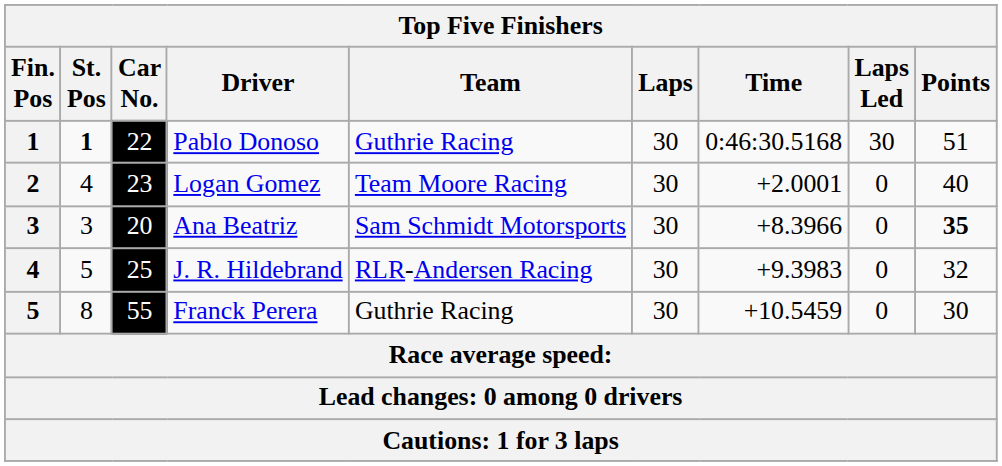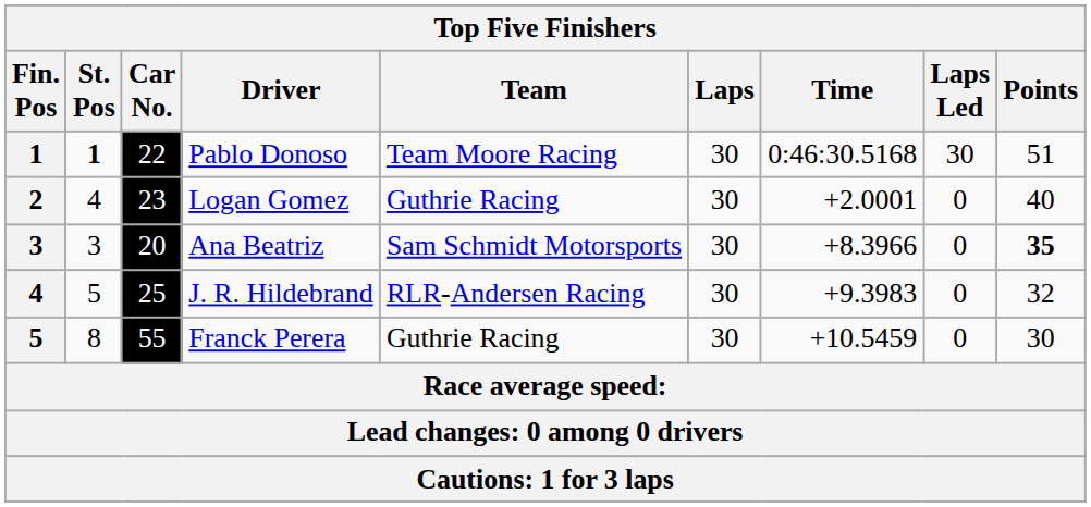 <table class="wikitable" style="font-size:85%;">
 <tr>
 <th colspan=9>Top Five Finishers</th>
 </tr>
 <tr>
 <th>Fin.<br>Pos</th>
 <th>St.<br>Pos</th>
 <th>Car<br>No.</th>
 <th>Driver</th>
 <th>Team</th>
 <th>Laps</th>
 <th>Time</th>
 <th>Laps<br>Led</th>
 <th>Points</th>
 </tr>
 <tr>
 <th>1</th>
 <td align=center><strong>1</strong></td>
 <td style="background:#000000; color:white;" align=center>22</td>
 <td> <a href='#'>Pablo Donoso</a></td>
-<td><a href='#'>Guthrie Racing</a></td>
+<td><a href='#'>Team Moore Racing</a></td>
 <td align=center>30</td>
 <td align=right>0:46:30.5168</td>
 <td align=center>30</td>
 <td align=center>51</td>
 </tr>
 <tr>
 <th>2</th>
 <td align=center>4</td>
 <td style="background:#000000; color:white;" align=center>23</td>
 <td> <a href='#'>Logan Gomez</a></td>
-<td><a href='#'>Team Moore Racing</a></td>
+<td><a href='#'>Guthrie Racing</a></td>
 <td align=center>30</td>
 <td align=right>+2.0001</td>
 <td align=center>0</td>
 <td align=center>40</td>
 </tr>
 <tr>
 <th>3</th>
 <td align=center>3</td>
 <td style="background:#000000; color:white;" align=center>20</td>
 <td> <a href='#'>Ana Beatriz</a></td>
 <td><a href='#'>Sam Schmidt Motorsports</a></td>
 <td align=center>30</td>
 <td align=right>+8.3966</td>
 <td align=center>0</td>
 <td align=center><strong>35</strong></td>
 </tr>
 <tr>
 <th>4</th>
 <td align=center>5</td>
 <td style="background:#000000; color:white;" align=center>25</td>
 <td> <a href='#'>J. R. Hildebrand</a></td>
 <td><a href='#'>RLR</a>-<a href='#'>Andersen Racing</a></td>
 <td align=center>30</td>
 <td align=right>+9.3983</td>
 <td align=center>0</td>
 <td align=center>32</td>
 </tr>
 <tr>
 <th>5</th>
 <td align=center>8</td>
 <td style="background:#000000; color:white;" align=center>55</td>
 <td> <a href='#'>Franck Perera</a></td>
 <td>Guthrie Racing</td>
 <td align=center>30</td>
 <td align=right>+10.5459</td>
 <td align=center>0</td>
 <td align=center>30</td>
 </tr>
 <tr>
 <th colspan=9>Race average speed: </th>
 </tr>
 <tr>
 <th colspan=9>Lead changes: 0 among 0 drivers</th>
 </tr>
 <tr>
 <th colspan=9>Cautions: 1 for 3 laps</th>
 </tr>
 </table>
